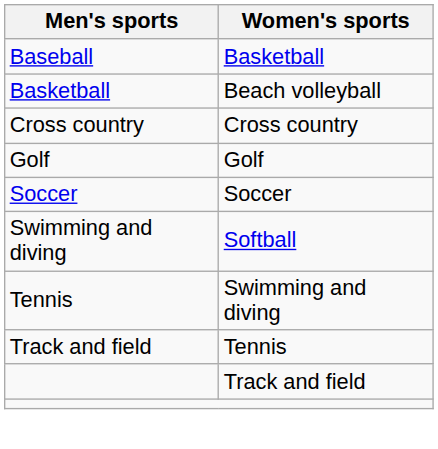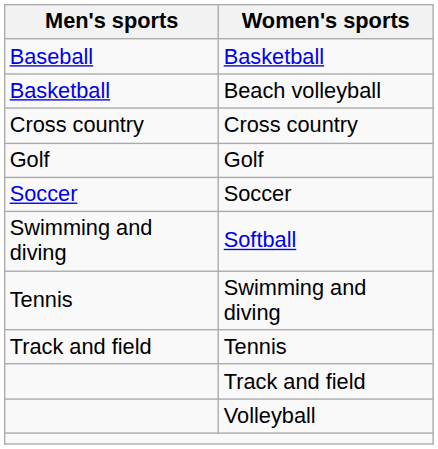 <table class="wikitable"; style= "text-align: ">
 <tr>
 <th width=150px>Men's sports</th>
 <th width=150px>Women's sports</th>
 </tr>
 <tr>
 <td><a href='#'>Baseball</a></td>
 <td><a href='#'>Basketball</a></td>
 </tr>
 <tr>
 <td><a href='#'>Basketball</a></td>
 <td>Beach volleyball</td>
 </tr>
 <tr>
 <td>Cross country</td>
 <td>Cross country</td>
 </tr>
 <tr>
 <td>Golf</td>
 <td>Golf</td>
 </tr>
 <tr>
 <td><a href='#'>Soccer</a></td>
 <td>Soccer</td>
 </tr>
 <tr>
 <td>Swimming and diving</td>
 <td><a href='#'>Softball</a></td>
 </tr>
 <tr>
 <td>Tennis</td>
 <td>Swimming and diving</td>
 </tr>
 <tr>
 <td>Track and field</td>
 <td>Tennis</td>
 </tr>
 <tr>
 <td></td>
 <td>Track and field</td>
 </tr>
 <tr>
+<td></td>
+<td>Volleyball</td>
+</tr>
+<tr>
 <td colspan="2"></td>
 </tr>
 </table>
